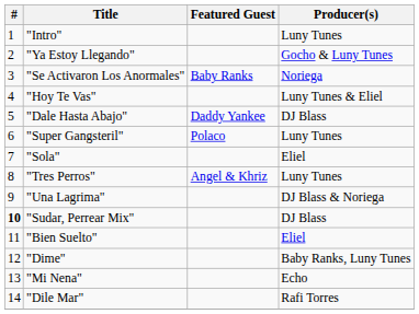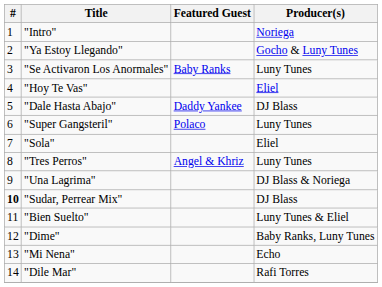 <table class="wikitable">
 <tr>
 <th align="center">#</th>
 <th align="center">Title</th>
 <th align="center">Featured Guest</th>
 <th align="center">Producer(s)</th>
 </tr>
 <tr>
 <td>1</td>
 <td>"Intro"</td>
 <td></td>
-<td>Luny Tunes</td>
+<td><a href='#'>Noriega</a></td>
 </tr>
 <tr>
 <td>2</td>
 <td>"Ya Estoy Llegando"</td>
 <td></td>
 <td><a href='#'>Gocho</a> & <a href='#'>Luny Tunes</a></td>
 </tr>
 <tr>
 <td>3</td>
 <td>"Se Activaron Los Anormales"</td>
 <td><a href='#'>Baby Ranks</a></td>
-<td><a href='#'>Noriega</a></td>
+<td>Luny Tunes</td>
 </tr>
 <tr>
 <td>4</td>
 <td>"Hoy Te Vas"</td>
 <td></td>
-<td>Luny Tunes & Eliel</td>
+<td><a href='#'>Eliel</a></td>
 </tr>
 <tr>
 <td>5</td>
 <td>"Dale Hasta Abajo"</td>
 <td><a href='#'>Daddy Yankee</a></td>
 <td>DJ Blass</td>
 </tr>
 <tr>
 <td>6</td>
 <td>"Super Gangsteril"</td>
 <td><a href='#'>Polaco</a></td>
 <td>Luny Tunes</td>
 </tr>
 <tr>
 <td>7</td>
 <td>"Sola"</td>
 <td></td>
 <td>Eliel</td>
 </tr>
 <tr>
 <td>8</td>
 <td>"Tres Perros"</td>
 <td><a href='#'>Angel & Khriz</a></td>
 <td>Luny Tunes</td>
 </tr>
 <tr>
 <td>9</td>
 <td>"Una Lagrima"</td>
 <td></td>
 <td>DJ Blass & Noriega</td>
 </tr>
 <tr>
 <td><strong>10</strong></td>
 <td>"Sudar, Perrear Mix"</td>
 <td></td>
 <td>DJ Blass</td>
 </tr>
 <tr>
 <td>11</td>
 <td>"Bien Suelto"</td>
 <td></td>
-<td><a href='#'>Eliel</a></td>
+<td>Luny Tunes & Eliel</td>
 </tr>
 <tr>
 <td>12</td>
 <td>"Dime"</td>
 <td></td>
 <td>Baby Ranks, Luny Tunes</td>
 </tr>
 <tr>
 <td>13</td>
 <td>"Mi Nena"</td>
 <td></td>
 <td>Echo</td>
 </tr>
 <tr>
 <td>14</td>
 <td>"Dile Mar"</td>
 <td></td>
 <td>Rafi Torres</td>
 </tr>
 <tr>
 </tr>
 </table>
